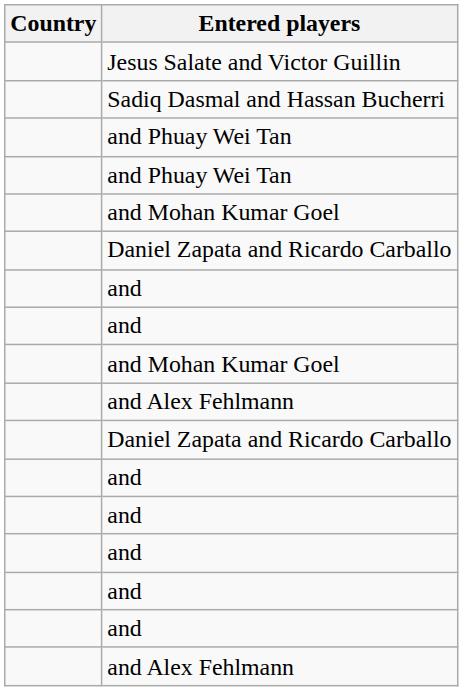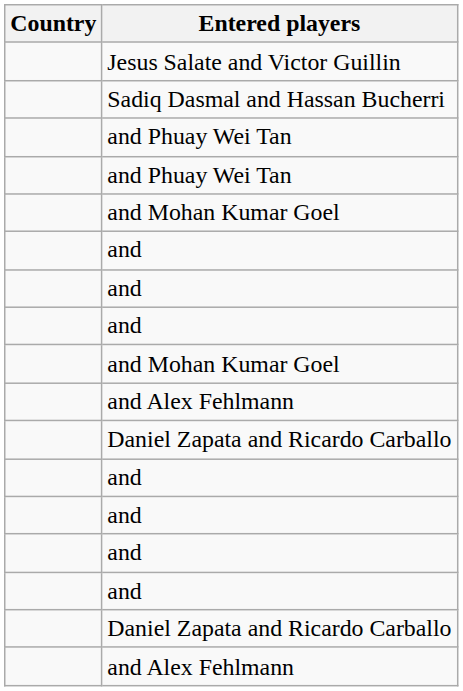 <table class="wikitable" style="text-align:left%">
 <tr>
 <th>Country</th>
 <th>Entered players</th>
 </tr>
 <tr>
 <td></td>
 <td>Jesus Salate and Victor Guillin</td>
 </tr>
 <tr>
 <td></td>
 <td>Sadiq Dasmal and Hassan Bucherri</td>
 </tr>
 <tr>
 <td></td>
 <td> and Phuay Wei Tan</td>
 </tr>
 <tr>
 <td></td>
 <td> and Phuay Wei Tan</td>
 </tr>
 <tr>
 <td></td>
 <td> and Mohan Kumar Goel</td>
 </tr>
 <tr>
 <td></td>
-<td>Daniel Zapata and Ricardo Carballo</td>
+<td> and </td>
 </tr>
 <tr>
 <td></td>
 <td> and </td>
 </tr>
 <tr>
 <td></td>
 <td> and </td>
 </tr>
 <tr>
 <td></td>
 <td> and Mohan Kumar Goel</td>
 </tr>
 <tr>
 <td></td>
 <td> and Alex Fehlmann</td>
 </tr>
 <tr>
 <td></td>
 <td>Daniel Zapata and Ricardo Carballo</td>
 </tr>
 <tr>
 <td></td>
 <td> and </td>
 </tr>
 <tr>
 <td></td>
 <td> and </td>
 </tr>
 <tr>
 <td></td>
 <td> and </td>
 </tr>
 <tr>
 <td></td>
 <td> and </td>
 </tr>
 <tr>
 <td></td>
-<td> and </td>
+<td>Daniel Zapata and Ricardo Carballo</td>
 </tr>
 <tr>
 <td></td>
 <td> and Alex Fehlmann</td>
 </tr>
 </table>
